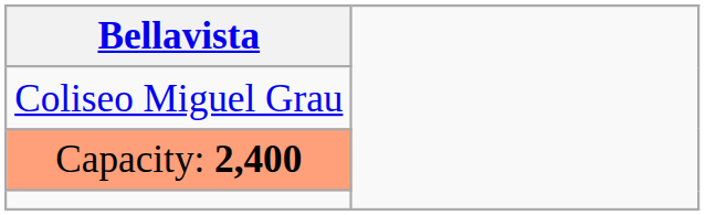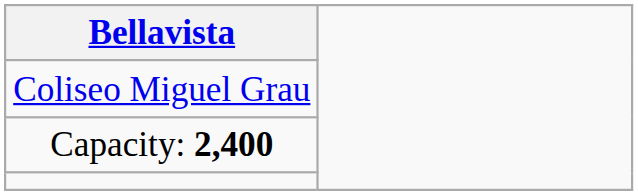 <table class="wikitable floatleft" style="text-align:center">
 <tr>
 <th width=50%><a href='#'>Bellavista</a></th>
 <td width=50% rowspan=4></td>
 </tr>
 <tr>
 <td><a href='#'>Coliseo Miguel Grau</a></td>
 </tr>
 <tr>
-<td style="background: lightsalmon;">Capacity: <strong>2,400</strong></td>
+<td>Capacity: <strong>2,400</strong></td>
 </tr>
 <tr>
 <td></td>
 </tr>
 </table>
